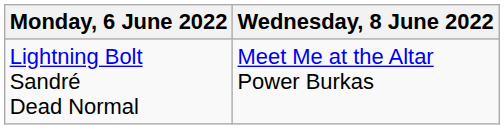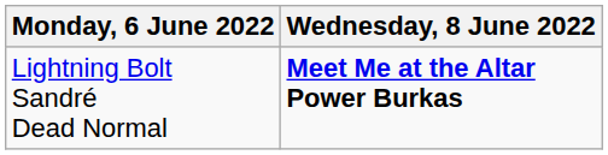 <table class="wikitable">
 <tr>
 <th>Monday, 6 June 2022</th>
 <th>Wednesday, 8 June 2022</th>
 </tr>
 <tr valign="top">
 <td><a href='#'>Lightning Bolt</a><br>Sandré<br>Dead Normal</td>
-<td><a href='#'>Meet Me at the Altar</a><br>Power Burkas</td>
+<td><strong><a href='#'>Meet Me at the Altar</a><br>Power Burkas</strong></td>
 </tr>
 </table>
